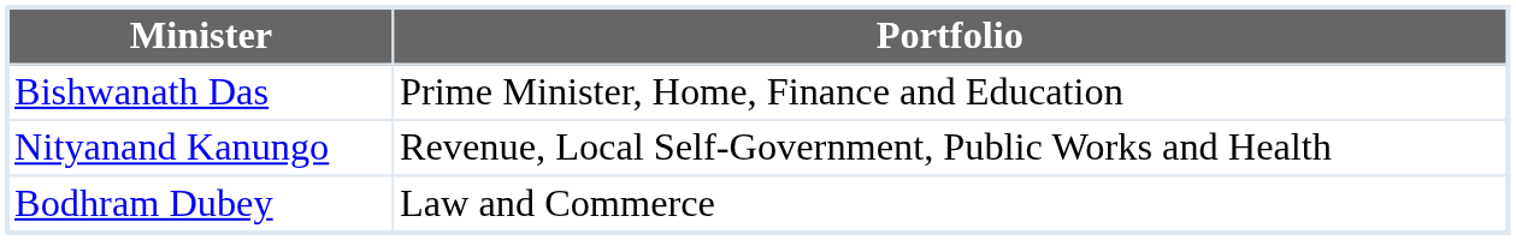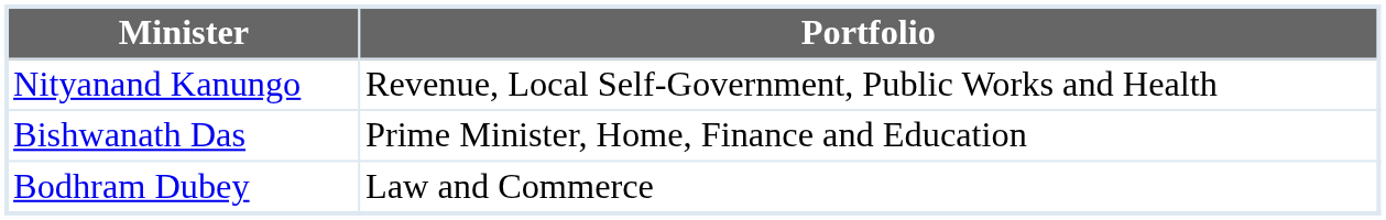 <table width="70%" cellpadding="2" cellspacing="0" border="1" style="border-collapse: collapse; border: 2px #DEE8F1 solid; font-size: x-big; font-family: verdana">
 <tr>
 <th style="background-color:#666666; color:white">Minister</th>
 <th style="background-color:#666666; color:white">Portfolio</th>
 </tr>
 <tr>
+<td><a href='#'>Nityanand Kanungo</a></td>
+<td>Revenue, Local Self-Government, Public Works and Health</td>
+</tr>
+<tr>
 <td><a href='#'>Bishwanath Das</a></td>
 <td>Prime Minister, Home, Finance and Education</td>
-</tr>
-<tr>
-<td><a href='#'>Nityanand Kanungo</a></td>
-<td>Revenue, Local Self-Government, Public Works and Health</td>
 </tr>
 <tr>
 <td><a href='#'>Bodhram Dubey</a></td>
 <td>Law and Commerce</td>
 </tr>
 </table>
